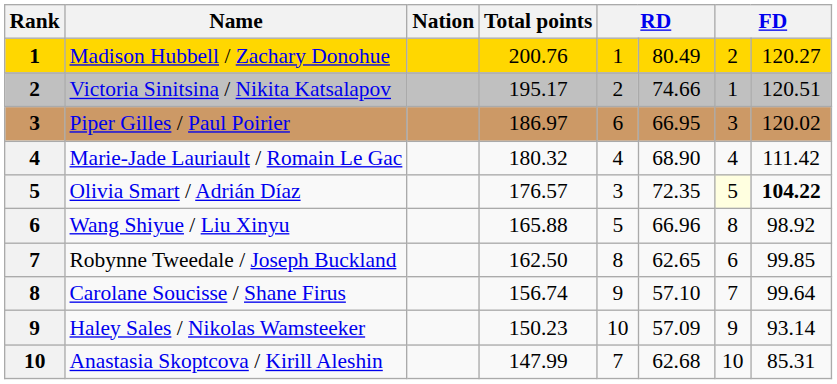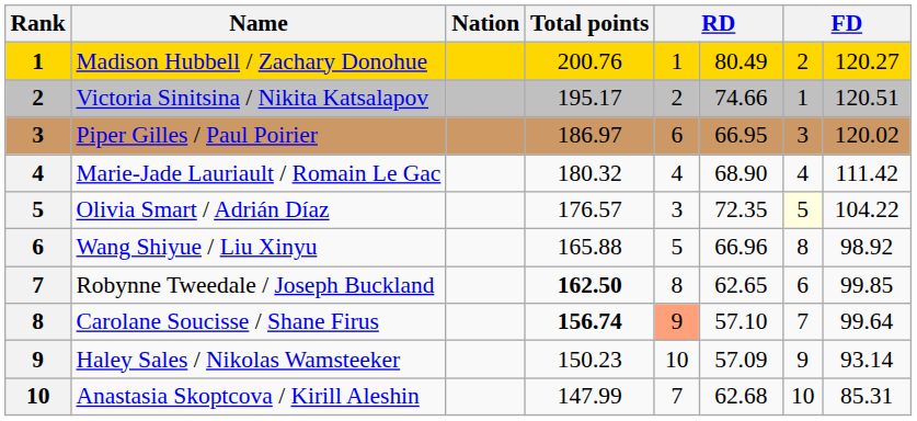 <table class="wikitable sortable">
 <tr>
 <th>Rank</th>
 <th>Name</th>
 <th>Nation</th>
 <th>Total points</th>
 <th colspan="2" width="80px"><a href='#'>RD</a></th>
 <th colspan="2" width="80px"><a href='#'>FD</a></th>
 </tr>
 <tr bgcolor="gold">
 <td align="center"><strong>1</strong></td>
 <td><a href='#'>Madison Hubbell</a> / <a href='#'>Zachary Donohue</a></td>
 <td></td>
 <td align="center">200.76</td>
 <td align="center">1</td>
 <td align="center">80.49</td>
 <td align="center">2</td>
 <td align="center">120.27</td>
 </tr>
 <tr bgcolor="silver">
 <td align="center"><strong>2</strong></td>
 <td><a href='#'>Victoria Sinitsina</a> / <a href='#'>Nikita Katsalapov</a></td>
 <td></td>
 <td align="center">195.17</td>
 <td align="center">2</td>
 <td align="center">74.66</td>
 <td align="center">1</td>
 <td align="center">120.51</td>
 </tr>
 <tr bgcolor="cc9966">
 <td align="center"><strong>3</strong></td>
 <td><a href='#'>Piper Gilles</a> / <a href='#'>Paul Poirier</a></td>
 <td></td>
 <td align="center">186.97</td>
 <td align="center">6</td>
 <td align="center">66.95</td>
 <td align="center">3</td>
 <td align="center">120.02</td>
 </tr>
 <tr>
 <th>4</th>
 <td><a href='#'>Marie-Jade Lauriault</a> / <a href='#'>Romain Le Gac</a></td>
 <td></td>
 <td align="center">180.32</td>
 <td align="center">4</td>
 <td align="center">68.90</td>
 <td align="center">4</td>
 <td align="center">111.42</td>
 </tr>
 <tr>
 <th>5</th>
 <td><a href='#'>Olivia Smart</a> / <a href='#'>Adrián Díaz</a></td>
 <td></td>
 <td align="center">176.57</td>
 <td align="center">3</td>
 <td align="center">72.35</td>
 <td align="center" style="background: lightyellow;">5</td>
-<td align="center"><strong>104.22</strong></td>
+<td align="center">104.22</td>
 </tr>
 <tr>
 <th>6</th>
 <td><a href='#'>Wang Shiyue</a> / <a href='#'>Liu Xinyu</a></td>
 <td></td>
 <td align="center">165.88</td>
 <td align="center">5</td>
 <td align="center">66.96</td>
 <td align="center">8</td>
 <td align="center">98.92</td>
 </tr>
 <tr>
 <th>7</th>
 <td>Robynne Tweedale / <a href='#'>Joseph Buckland</a></td>
 <td></td>
-<td align="center">162.50</td>
+<td align="center"><strong>162.50</strong></td>
 <td align="center">8</td>
 <td align="center">62.65</td>
 <td align="center">6</td>
 <td align="center">99.85</td>
 </tr>
 <tr>
 <th>8</th>
 <td><a href='#'>Carolane Soucisse</a> / <a href='#'>Shane Firus</a></td>
 <td></td>
-<td align="center">156.74</td>
-<td align="center">9</td>
+<td align="center"><strong>156.74</strong></td>
+<td align="center" style="background: lightsalmon;">9</td>
 <td align="center">57.10</td>
 <td align="center">7</td>
 <td align="center">99.64</td>
 </tr>
 <tr>
 <th>9</th>
 <td><a href='#'>Haley Sales</a> / <a href='#'>Nikolas Wamsteeker</a></td>
 <td></td>
 <td align="center">150.23</td>
 <td align="center">10</td>
 <td align="center">57.09</td>
 <td align="center">9</td>
 <td align="center">93.14</td>
 </tr>
 <tr>
 <th>10</th>
 <td><a href='#'>Anastasia Skoptcova</a> / <a href='#'>Kirill Aleshin</a></td>
 <td></td>
 <td align="center">147.99</td>
 <td align="center">7</td>
 <td align="center">62.68</td>
 <td align="center">10</td>
 <td align="center">85.31</td>
 </tr>
 </table>
